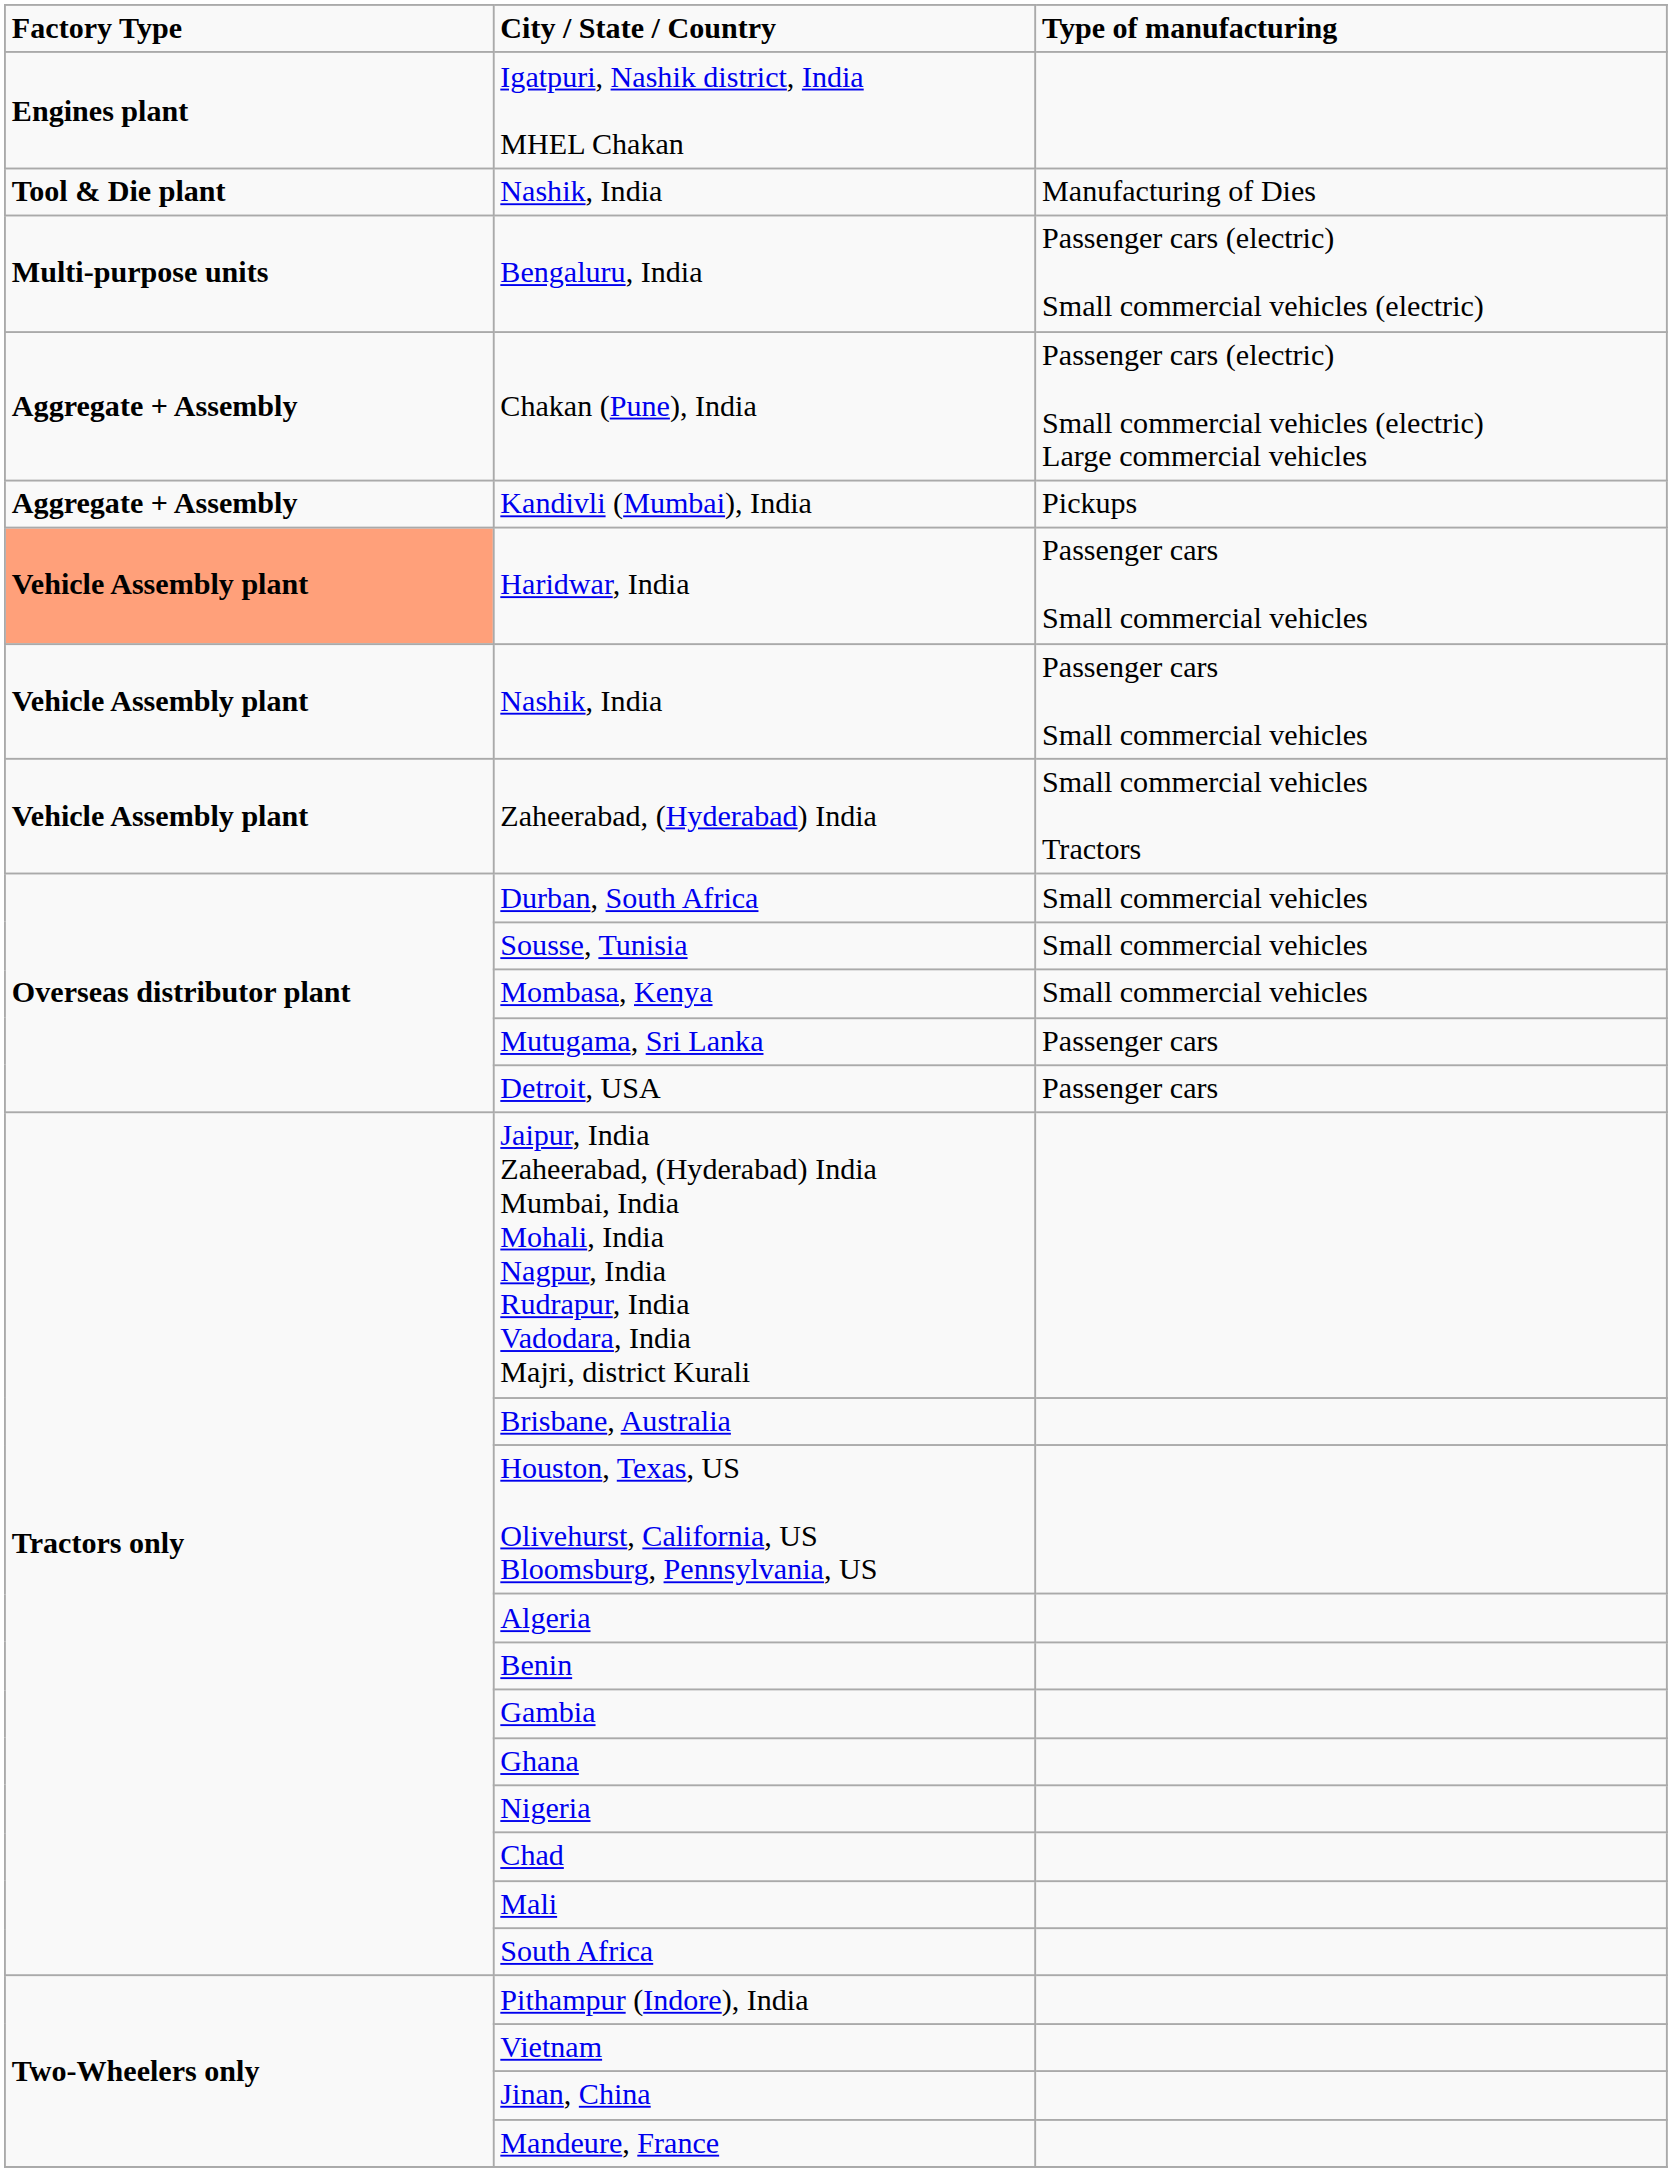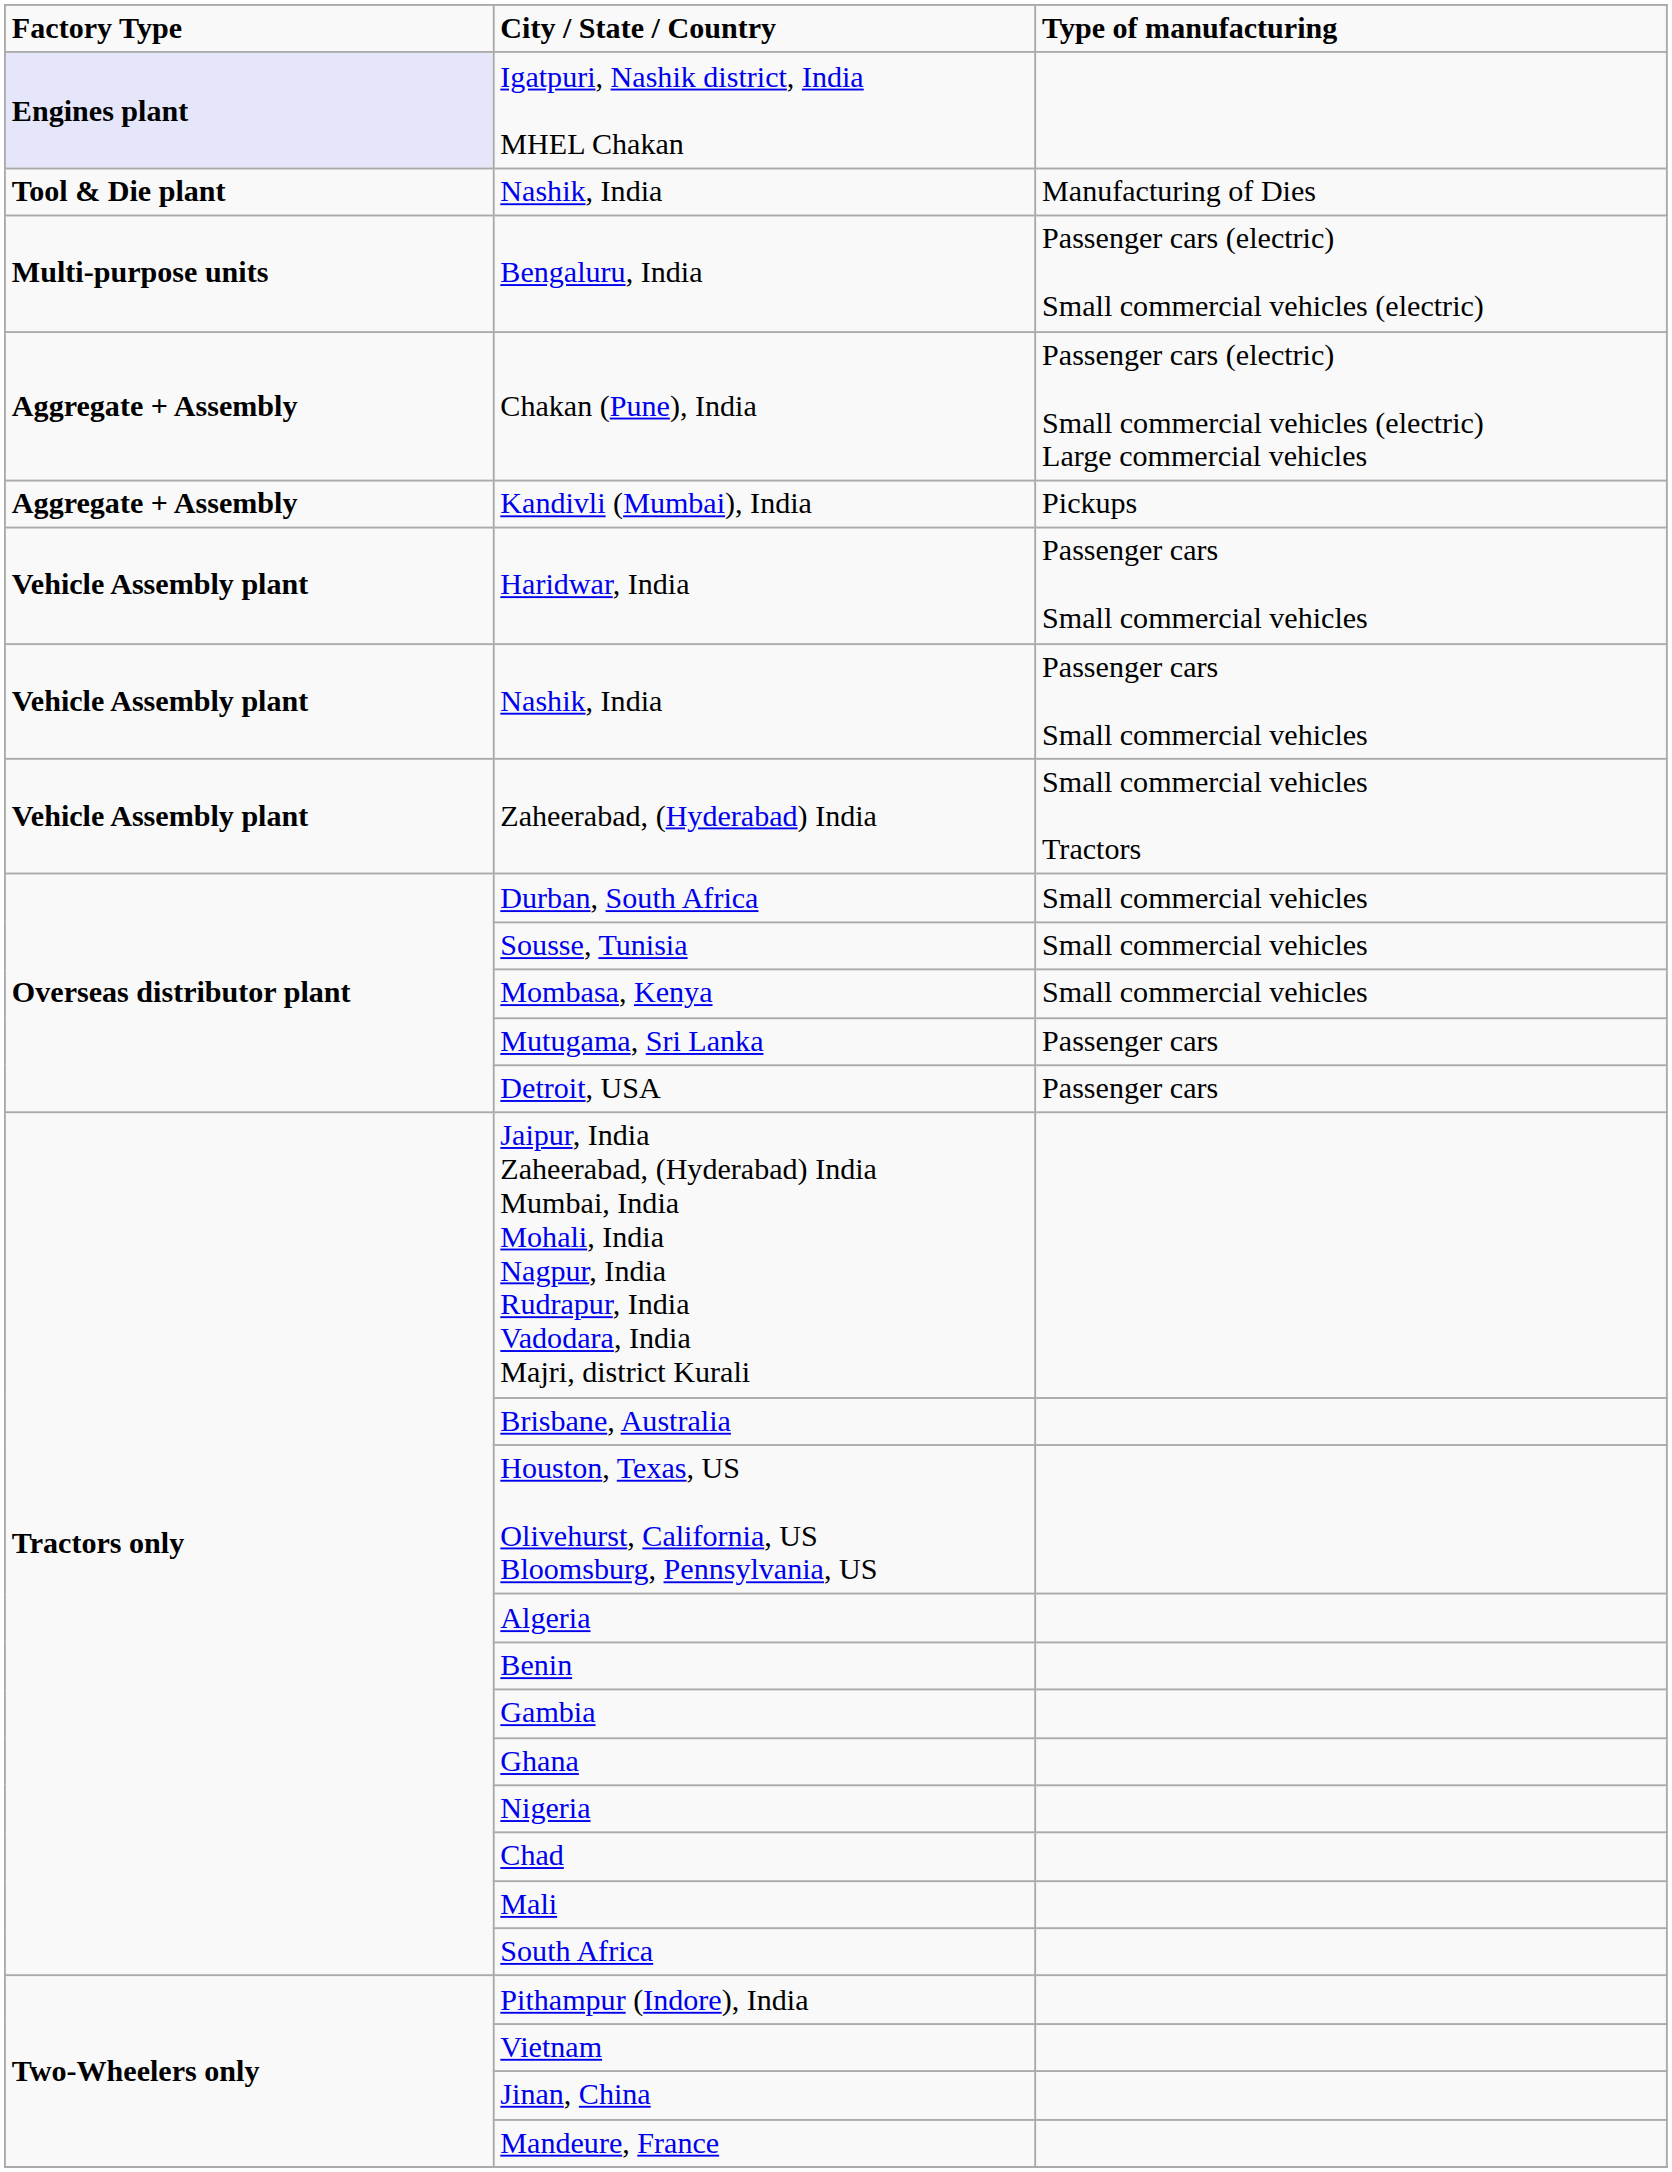 <table class="wikitable" style="text-align: left; font-size: 1em; width: 70%">
 <tr>
 <td><strong>Factory Type</strong></td>
 <td><strong>City / State / Country</strong></td>
 <td><strong>Type of manufacturing</strong></td>
 </tr>
 <tr>
-<td><strong>Engines plant</strong></td>
+<td style="background: lavender;"><strong>Engines plant</strong></td>
 <td><a href='#'>Igatpuri</a>, <a href='#'>Nashik district</a>, <a href='#'>India</a><br><br>MHEL Chakan</td>
 <td></td>
 </tr>
 <tr>
 <td><strong>Tool & Die plant</strong></td>
 <td><a href='#'>Nashik</a>, India</td>
 <td>Manufacturing of Dies</td>
 </tr>
 <tr>
 <td><strong>Multi-purpose units</strong></td>
 <td><a href='#'>Bengaluru</a>, India</td>
 <td>Passenger cars (electric)<br><br>Small commercial vehicles (electric)</td>
 </tr>
 <tr>
 <td><strong>Aggregate + Assembly</strong></td>
 <td>Chakan (<a href='#'>Pune</a>), India</td>
 <td>Passenger cars (electric)<br><br>Small commercial vehicles (electric) <br> Large commercial vehicles</td>
 </tr>
 <tr>
 <td><strong>Aggregate + Assembly</strong></td>
 <td><a href='#'>Kandivli</a> (<a href='#'>Mumbai</a>), India</td>
 <td>Pickups</td>
 </tr>
 <tr>
-<td style="background: lightsalmon;"><strong>Vehicle Assembly plant</strong></td>
+<td><strong>Vehicle Assembly plant</strong></td>
 <td><a href='#'>Haridwar</a>, India</td>
 <td>Passenger cars<br><br>Small commercial vehicles</td>
 </tr>
 <tr>
 <td><strong>Vehicle Assembly plant</strong></td>
 <td><a href='#'>Nashik</a>, India</td>
 <td>Passenger cars<br><br>Small commercial vehicles</td>
 </tr>
 <tr>
 <td><strong>Vehicle Assembly plant</strong></td>
 <td>Zaheerabad, (<a href='#'>Hyderabad</a>) India</td>
 <td>Small commercial vehicles<br><br>Tractors</td>
 </tr>
 <tr>
 <td rowspan="5"><strong>Overseas distributor plant</strong></td>
 <td><a href='#'>Durban</a>, <a href='#'>South Africa</a></td>
 <td>Small commercial vehicles</td>
 </tr>
 <tr>
 <td><a href='#'>Sousse</a>, <a href='#'>Tunisia</a></td>
 <td>Small commercial vehicles</td>
 </tr>
 <tr>
 <td><a href='#'>Mombasa</a>, <a href='#'>Kenya</a></td>
 <td>Small commercial vehicles</td>
 </tr>
 <tr>
 <td><a href='#'>Mutugama</a>, <a href='#'>Sri Lanka</a></td>
 <td>Passenger cars</td>
 </tr>
 <tr>
 <td><a href='#'>Detroit</a>, USA</td>
 <td>Passenger cars</td>
 </tr>
 <tr>
 <td rowspan="11"><strong>Tractors only</strong></td>
 <td><a href='#'>Jaipur</a>, India<br>Zaheerabad, (Hyderabad) India<br> Mumbai, India<br> <a href='#'>Mohali</a>, India<br> <a href='#'>Nagpur</a>, India<br> <a href='#'>Rudrapur</a>, India<br> <a href='#'>Vadodara</a>, India<br> Majri, district Kurali</td>
 <td></td>
 </tr>
 <tr>
 <td><a href='#'>Brisbane</a>, <a href='#'>Australia</a></td>
 <td></td>
 </tr>
 <tr>
 <td><a href='#'>Houston</a>, <a href='#'>Texas</a>, US<br><br><a href='#'>Olivehurst</a>, <a href='#'>California</a>, US<br> <a href='#'>Bloomsburg</a>, <a href='#'>Pennsylvania</a>, US<br></td>
 <td></td>
 </tr>
 <tr>
 <td><a href='#'>Algeria</a></td>
 <td></td>
 </tr>
 <tr>
 <td><a href='#'>Benin</a></td>
 <td></td>
 </tr>
 <tr>
 <td><a href='#'>Gambia</a></td>
 <td></td>
 </tr>
 <tr>
 <td><a href='#'>Ghana</a></td>
 <td></td>
 </tr>
 <tr>
 <td><a href='#'>Nigeria</a></td>
 <td></td>
 </tr>
 <tr>
 <td><a href='#'>Chad</a></td>
 <td></td>
 </tr>
 <tr>
 <td><a href='#'>Mali</a></td>
 <td></td>
 </tr>
 <tr>
 <td><a href='#'>South Africa</a></td>
 <td></td>
 </tr>
 <tr>
 <td rowspan="4"><strong>Two-Wheelers only</strong></td>
 <td><a href='#'>Pithampur</a> (<a href='#'>Indore</a>), India</td>
 <td></td>
 </tr>
 <tr>
 <td><a href='#'>Vietnam</a></td>
 <td></td>
 </tr>
 <tr>
 <td><a href='#'>Jinan</a>, <a href='#'>China</a></td>
 <td></td>
 </tr>
 <tr>
 <td><a href='#'>Mandeure</a>, <a href='#'>France</a></td>
 <td></td>
 </tr>
 <tr>
 </tr>
 </table>
